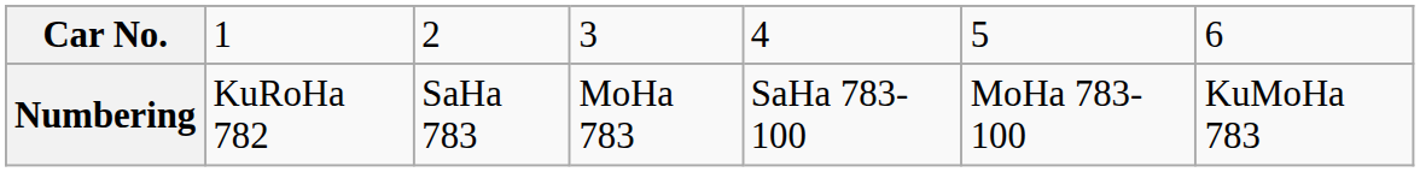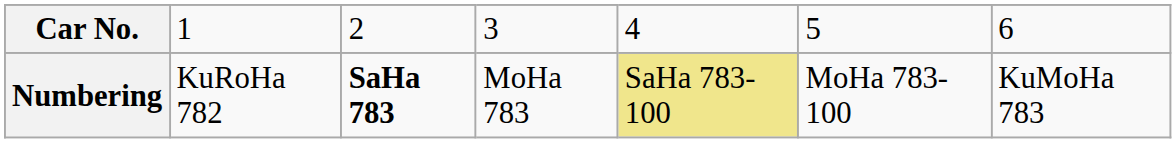 <table class="wikitable">
 <tr>
 <th>Car No.</th>
 <td>1</td>
 <td>2</td>
 <td>3</td>
 <td>4</td>
 <td>5</td>
 <td>6</td>
 </tr>
 <tr>
 <th>Numbering</th>
 <td>KuRoHa 782</td>
-<td>SaHa 783</td>
+<td><strong>SaHa 783</strong></td>
 <td>MoHa 783</td>
-<td>SaHa 783-100</td>
+<td style="background: khaki;">SaHa 783-100</td>
 <td>MoHa 783-100</td>
 <td>KuMoHa 783</td>
 </tr>
 </table>
